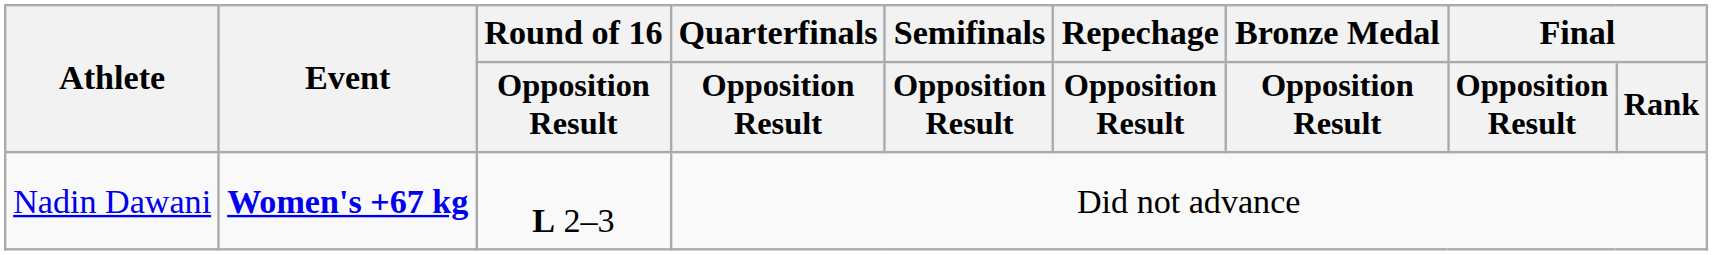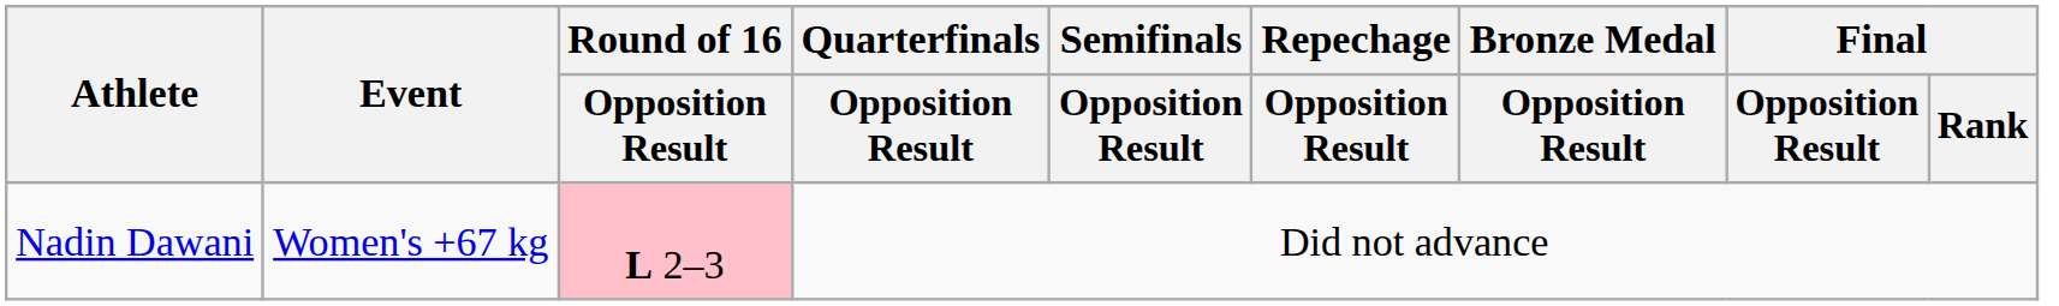 <table class="wikitable" style="font-size:90%">
 <tr>
 <th rowspan="2">Athlete</th>
 <th rowspan="2">Event</th>
 <th>Round of 16</th>
 <th>Quarterfinals</th>
 <th>Semifinals</th>
 <th>Repechage</th>
 <th>Bronze Medal</th>
 <th colspan=2>Final</th>
 </tr>
 <tr style="font-size:95%">
 <th>Opposition<br>Result</th>
 <th>Opposition<br>Result</th>
 <th>Opposition<br>Result</th>
 <th>Opposition<br>Result</th>
 <th>Opposition<br>Result</th>
 <th>Opposition<br>Result</th>
 <th>Rank</th>
 </tr>
 <tr align=center>
 <td align=left><a href='#'>Nadin Dawani</a></td>
-<td align=left><strong><a href='#'>Women's +67 kg</a></strong></td>
-<td><br><strong>L</strong> 2–3</td>
+<td align=left><a href='#'>Women's +67 kg</a></td>
+<td style="background: pink;"><br><strong>L</strong> 2–3</td>
 <td colspan=6>Did not advance</td>
 </tr>
 </table>
